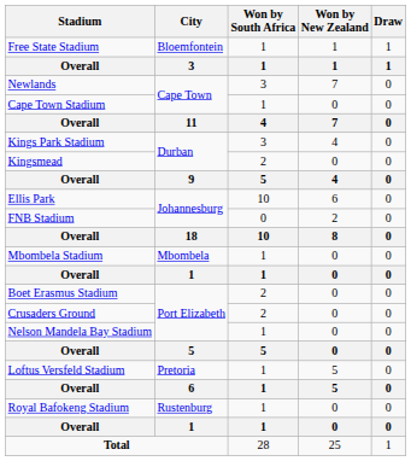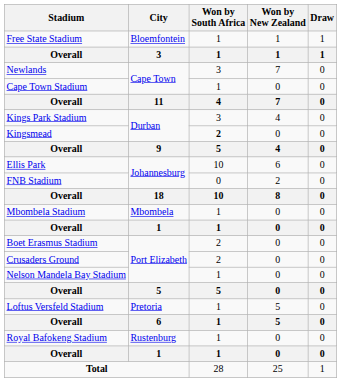 <table class="wikitable">
 <tr>
 <th>Stadium</th>
 <th>City</th>
 <th>Won by<br>South Africa</th>
 <th>Won by<br>New Zealand</th>
 <th>Draw</th>
 </tr>
 <tr>
 <td><a href='#'>Free State Stadium</a></td>
 <td><a href='#'>Bloemfontein</a></td>
 <td align=center>1</td>
 <td align=center>1</td>
 <td align=center>1</td>
 </tr>
 <tr>
 <th>Overall</th>
 <th>3</th>
 <th>1</th>
 <th>1</th>
 <th>1</th>
 </tr>
 <tr>
 <td><a href='#'>Newlands</a></td>
 <td rowspan=2><a href='#'>Cape Town</a></td>
 <td align=center>3</td>
 <td align=center>7</td>
 <td align=center>0</td>
 </tr>
 <tr>
 <td><a href='#'>Cape Town Stadium</a></td>
 <td align=center>1</td>
 <td align=center>0</td>
 <td align=center>0</td>
 </tr>
 <tr>
 <th>Overall</th>
 <th>11</th>
 <th>4</th>
 <th>7</th>
 <th>0</th>
 </tr>
 <tr>
 <td><a href='#'>Kings Park Stadium</a></td>
 <td rowspan=2><a href='#'>Durban</a></td>
 <td align=center>3</td>
 <td align=center>4</td>
 <td align=center>0</td>
 </tr>
 <tr>
 <td><a href='#'>Kingsmead</a></td>
-<td align=center>2</td>
+<td align=center><strong>2</strong></td>
 <td align=center>0</td>
 <td align=center>0</td>
 </tr>
 <tr>
 <th>Overall</th>
 <th>9</th>
 <th>5</th>
 <th>4</th>
 <th>0</th>
 </tr>
 <tr>
 <td><a href='#'>Ellis Park</a></td>
 <td rowspan=2><a href='#'>Johannesburg</a></td>
 <td align=center>10</td>
 <td align=center>6</td>
 <td align=center>0</td>
 </tr>
 <tr>
 <td><a href='#'>FNB Stadium</a></td>
 <td align=center>0</td>
 <td align=center>2</td>
 <td align=center>0</td>
 </tr>
 <tr>
 <th>Overall</th>
 <th>18</th>
 <th>10</th>
 <th>8</th>
 <th>0</th>
 </tr>
 <tr>
 <td><a href='#'>Mbombela Stadium</a></td>
 <td><a href='#'>Mbombela</a></td>
 <td align=center>1</td>
 <td align=center>0</td>
 <td align=center>0</td>
 </tr>
 <tr>
 <th>Overall</th>
 <th>1</th>
 <th>1</th>
 <th>0</th>
 <th>0</th>
 </tr>
 <tr>
 <td><a href='#'>Boet Erasmus Stadium</a></td>
 <td rowspan=3><a href='#'>Port Elizabeth</a></td>
 <td align=center>2</td>
 <td align=center>0</td>
 <td align=center>0</td>
 </tr>
 <tr>
 <td><a href='#'>Crusaders Ground</a></td>
 <td align=center>2</td>
 <td align=center>0</td>
 <td align=center>0</td>
 </tr>
 <tr>
 <td><a href='#'>Nelson Mandela Bay Stadium</a></td>
 <td align=center>1</td>
 <td align=center>0</td>
 <td align=center>0</td>
 </tr>
 <tr>
 <th>Overall</th>
 <th>5</th>
 <th>5</th>
 <th>0</th>
 <th>0</th>
 </tr>
 <tr>
 <td><a href='#'>Loftus Versfeld Stadium</a></td>
 <td><a href='#'>Pretoria</a></td>
 <td align=center>1</td>
 <td align=center>5</td>
 <td align=center>0</td>
 </tr>
 <tr>
 <th>Overall</th>
 <th>6</th>
 <th>1</th>
 <th>5</th>
 <th>0</th>
 </tr>
 <tr>
 <td><a href='#'>Royal Bafokeng Stadium</a></td>
 <td><a href='#'>Rustenburg</a></td>
 <td align=center>1</td>
 <td align=center>0</td>
 <td align=center>0</td>
 </tr>
 <tr>
 <th>Overall</th>
 <th>1</th>
 <th>1</th>
 <th>0</th>
 <th>0</th>
 </tr>
 <tr>
 <td align=center colspan=2><strong>Total</strong></td>
 <td align=center>28</td>
 <td align=center>25</td>
 <td align=center>1</td>
 </tr>
 </table>
